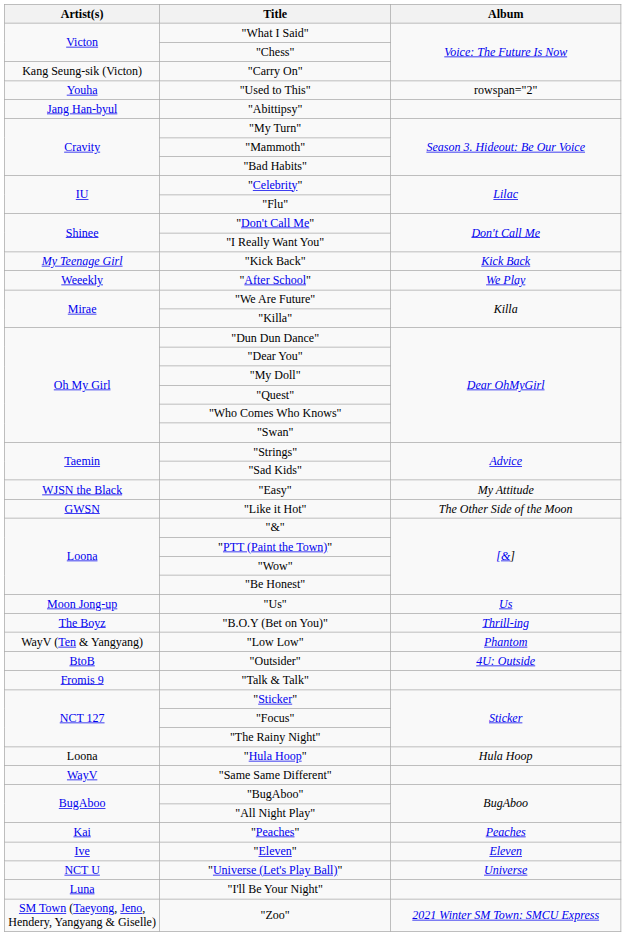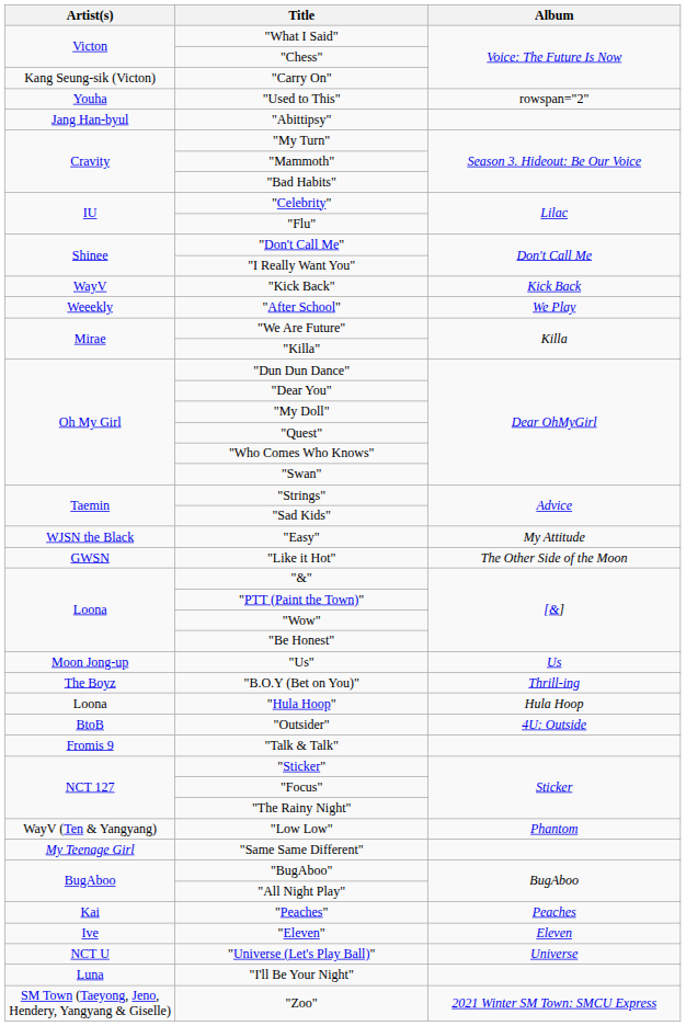 <table class="wikitable plainrowheaders" style="text-align:center">
 <tr>
 <th width="200px">Artist(s)</th>
 <th width="300px">Title</th>
 <th width="300px">Album</th>
 </tr>
 <tr>
 <td rowspan="2"><a href='#'>Victon</a></td>
 <td>"What I Said"</td>
 <td rowspan="3"><em><a href='#'>Voice: The Future Is Now</a></em></td>
 </tr>
 <tr>
 <td>"Chess"</td>
 </tr>
 <tr>
 <td>Kang Seung-sik (Victon)</td>
 <td>"Carry On"</td>
 </tr>
 <tr>
 <td><a href='#'>Youha</a></td>
 <td>"Used to This"</td>
 <td>rowspan="2" </td>
 </tr>
 <tr>
 <td><a href='#'>Jang Han-byul</a></td>
 <td>"Abittipsy"</td>
 </tr>
 <tr>
 <td rowspan="3"><a href='#'>Cravity</a></td>
 <td>"My Turn"</td>
 <td rowspan="3"><em><a href='#'>Season 3. Hideout: Be Our Voice</a></em></td>
 </tr>
 <tr>
 <td>"Mammoth"</td>
 </tr>
 <tr>
 <td>"Bad Habits"</td>
 </tr>
 <tr>
 <td rowspan="2"><a href='#'>IU</a></td>
 <td>"<a href='#'>Celebrity</a>"</td>
 <td rowspan="2"><em><a href='#'>Lilac</a></em></td>
 </tr>
 <tr>
 <td>"Flu"</td>
 </tr>
 <tr>
 <td rowspan="2"><a href='#'>Shinee</a></td>
 <td>"<a href='#'>Don't Call Me</a>"</td>
 <td rowspan="2"><em><a href='#'>Don't Call Me</a></em></td>
 </tr>
 <tr>
 <td>"I Really Want You"</td>
 </tr>
 <tr>
-<td><em><a href='#'>My Teenage Girl</a></em></td>
+<td><a href='#'>WayV</a></td>
 <td>"Kick Back"</td>
 <td><em><a href='#'>Kick Back</a></em></td>
 </tr>
 <tr>
 <td><a href='#'>Weeekly</a></td>
 <td>"<a href='#'>After School</a>"</td>
 <td><em><a href='#'>We Play</a></em></td>
 </tr>
 <tr>
 <td rowspan="2"><a href='#'>Mirae</a></td>
 <td>"We Are Future"</td>
 <td rowspan="2"><em>Killa</em></td>
 </tr>
 <tr>
 <td>"Killa"</td>
 </tr>
 <tr>
 <td rowspan="6"><a href='#'>Oh My Girl</a></td>
 <td>"Dun Dun Dance"</td>
 <td rowspan="6"><em><a href='#'>Dear OhMyGirl</a></em></td>
 </tr>
 <tr>
 <td>"Dear You"</td>
 </tr>
 <tr>
 <td>"My Doll"</td>
 </tr>
 <tr>
 <td>"Quest"</td>
 </tr>
 <tr>
 <td>"Who Comes Who Knows"</td>
 </tr>
 <tr>
 <td>"Swan"</td>
 </tr>
 <tr>
 <td rowspan="2"><a href='#'>Taemin</a></td>
 <td>"Strings"</td>
 <td rowspan="2"><em><a href='#'>Advice</a></em></td>
 </tr>
 <tr>
 <td>"Sad Kids"</td>
 </tr>
 <tr>
 <td><a href='#'>WJSN the Black</a></td>
 <td>"Easy"</td>
 <td><em>My Attitude</em></td>
 </tr>
 <tr>
 <td><a href='#'>GWSN</a></td>
 <td>"Like it Hot"</td>
 <td><em>The Other Side of the Moon</em></td>
 </tr>
 <tr>
 <td rowspan="4"><a href='#'>Loona</a></td>
 <td>"&"</td>
 <td rowspan="4"><em><a href='#'>[&</a>]</em></td>
 </tr>
 <tr>
 <td>"<a href='#'>PTT (Paint the Town)</a>"</td>
 </tr>
 <tr>
 <td>"Wow"</td>
 </tr>
 <tr>
 <td>"Be Honest"</td>
 </tr>
 <tr>
 <td><a href='#'>Moon Jong-up</a></td>
 <td>"Us"</td>
 <td><em><a href='#'>Us</a></em></td>
 </tr>
 <tr>
 <td><a href='#'>The Boyz</a></td>
 <td>"B.O.Y (Bet on You)"</td>
 <td><em><a href='#'>Thrill-ing</a></em></td>
 </tr>
 <tr>
-<td>WayV (<a href='#'>Ten</a> & Yangyang)</td>
-<td>"Low Low"</td>
-<td><em><a href='#'>Phantom</a></em></td>
+<td>Loona</td>
+<td>"<a href='#'>Hula Hoop</a>"</td>
+<td><em>Hula Hoop</em></td>
 </tr>
 <tr>
 <td><a href='#'>BtoB</a></td>
 <td>"Outsider"</td>
 <td><em><a href='#'>4U: Outside</a></em></td>
 </tr>
 <tr>
 <td><a href='#'>Fromis 9</a></td>
 <td>"Talk & Talk"</td>
 <td></td>
 </tr>
 <tr>
 <td rowspan="3"><a href='#'>NCT 127</a></td>
 <td>"<a href='#'>Sticker</a>"</td>
 <td rowspan="3"><em><a href='#'>Sticker</a></em></td>
 </tr>
 <tr>
 <td>"Focus"</td>
 </tr>
 <tr>
 <td>"The Rainy Night"</td>
 </tr>
 <tr>
-<td>Loona</td>
-<td>"<a href='#'>Hula Hoop</a>"</td>
-<td><em>Hula Hoop</em></td>
+<td>WayV (<a href='#'>Ten</a> & Yangyang)</td>
+<td>"Low Low"</td>
+<td><em><a href='#'>Phantom</a></em></td>
 </tr>
 <tr>
-<td><a href='#'>WayV</a></td>
+<td><em><a href='#'>My Teenage Girl</a></em></td>
 <td>"Same Same Different"</td>
 <td></td>
 </tr>
 <tr>
 <td rowspan="2"><a href='#'>BugAboo</a></td>
 <td>"BugAboo"</td>
 <td rowspan="2"><em>BugAboo</em></td>
 </tr>
 <tr>
 <td>"All Night Play"</td>
 </tr>
 <tr>
 <td><a href='#'>Kai</a></td>
 <td>"<a href='#'>Peaches</a>"</td>
 <td><em><a href='#'>Peaches</a></em></td>
 </tr>
 <tr>
 <td><a href='#'>Ive</a></td>
 <td>"<a href='#'>Eleven</a>"</td>
 <td><em><a href='#'>Eleven</a></em></td>
 </tr>
 <tr>
 <td><a href='#'>NCT U</a></td>
 <td>"<a href='#'>Universe (Let's Play Ball)</a>"</td>
 <td><em><a href='#'>Universe</a></em></td>
 </tr>
 <tr>
 <td><a href='#'>Luna</a></td>
 <td>"I'll Be Your Night"</td>
 <td></td>
 </tr>
 <tr>
 <td><a href='#'>SM Town</a> (<a href='#'>Taeyong</a>, <a href='#'>Jeno</a>, <br>Hendery, Yangyang & Giselle)</td>
 <td>"Zoo"</td>
 <td><em><a href='#'>2021 Winter SM Town: SMCU Express</a></em></td>
 </tr>
 </table>
